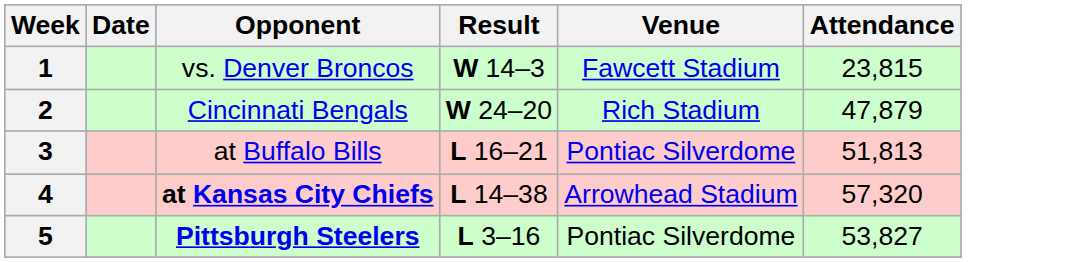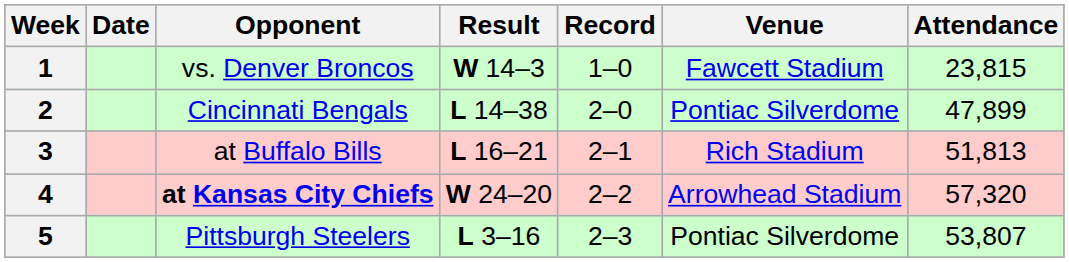 <table class="wikitable" style="text-align:center">
 <tr>
 <th>Week</th>
 <th>Date</th>
 <th>Opponent</th>
 <th>Result</th>
+<th>Record</th>
 <th>Venue</th>
 <th>Attendance</th>
 </tr>
 <tr style="background:#cfc">
 <th>1</th>
 <td></td>
 <td>vs. <a href='#'>Denver Broncos</a></td>
 <td><strong>W</strong> 14–3</td>
+<td>1–0</td>
 <td><a href='#'>Fawcett Stadium</a></td>
 <td>23,815</td>
 </tr>
 <tr style="background:#cfc">
 <th>2</th>
 <td></td>
 <td><a href='#'>Cincinnati Bengals</a></td>
-<td><strong>W</strong> 24–20</td>
-<td><a href='#'>Rich Stadium</a></td>
-<td>47,879</td>
+<td><strong>L</strong> 14–38</td>
+<td>2–0</td>
+<td><a href='#'>Pontiac Silverdome</a></td>
+<td>47,899</td>
 </tr>
 <tr style="background:#fcc">
 <th>3</th>
 <td></td>
 <td>at <a href='#'>Buffalo Bills</a></td>
 <td><strong>L</strong> 16–21</td>
-<td><a href='#'>Pontiac Silverdome</a></td>
+<td>2–1</td>
+<td><a href='#'>Rich Stadium</a></td>
 <td>51,813</td>
 </tr>
 <tr style="background:#fcc">
 <th>4</th>
 <td></td>
 <td><strong>at <a href='#'>Kansas City Chiefs</a></strong></td>
-<td><strong>L</strong> 14–38</td>
+<td><strong>W</strong> 24–20</td>
+<td>2–2</td>
 <td><a href='#'>Arrowhead Stadium</a></td>
 <td>57,320</td>
 </tr>
 <tr style="background:#cfc">
 <th>5</th>
 <td></td>
-<td><strong><a href='#'>Pittsburgh Steelers</a></strong></td>
+<td><a href='#'>Pittsburgh Steelers</a></td>
 <td><strong>L</strong> 3–16</td>
+<td>2–3</td>
 <td>Pontiac Silverdome</td>
-<td>53,827</td>
+<td>53,807</td>
 </tr>
 </table>
